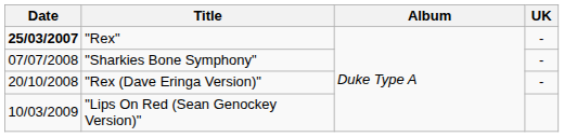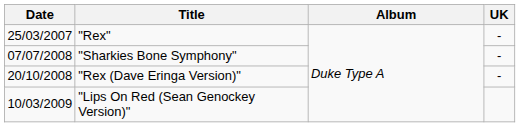 <table class="wikitable">
 <tr>
 <th>Date</th>
 <th width="280">Title</th>
 <th width="210">Album</th>
 <th width="30">UK</th>
 </tr>
 <tr>
-<td><strong>25/03/2007</strong></td>
+<td>25/03/2007</td>
 <td>"Rex"</td>
 <td rowspan="6"><em>Duke Type A</em></td>
 <td align="center">-</td>
 </tr>
 <tr>
 <td>07/07/2008</td>
 <td>"Sharkies Bone Symphony"</td>
 <td align="center">-</td>
 </tr>
 <tr>
 <td>20/10/2008</td>
 <td>"Rex (Dave Eringa Version)"</td>
 <td align="center">-</td>
 </tr>
 <tr>
 <td>10/03/2009</td>
 <td>"Lips On Red (Sean Genockey Version)"</td>
 <td align="center"></td>
 </tr>
 </table>
